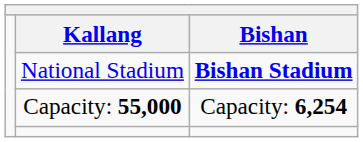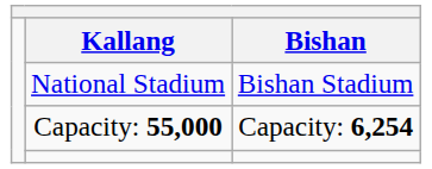 <table class="wikitable" style="text-align:center; margin-left: auto; margin-right: auto; border: none;">
 <tr>
 <th colspan="3"></th>
 </tr>
 <tr>
 <td rowspan="4"></td>
 <th><a href='#'>Kallang</a></th>
 <th><a href='#'>Bishan</a></th>
 </tr>
 <tr>
 <td><a href='#'>National Stadium</a></td>
-<td><strong><a href='#'>Bishan Stadium</a></strong></td>
+<td><a href='#'>Bishan Stadium</a></td>
 </tr>
 <tr>
 <td>Capacity: <strong>55,000</strong></td>
 <td>Capacity: <strong>6,254</strong></td>
 </tr>
 <tr>
 <td></td>
 <td></td>
 </tr>
 </table>
